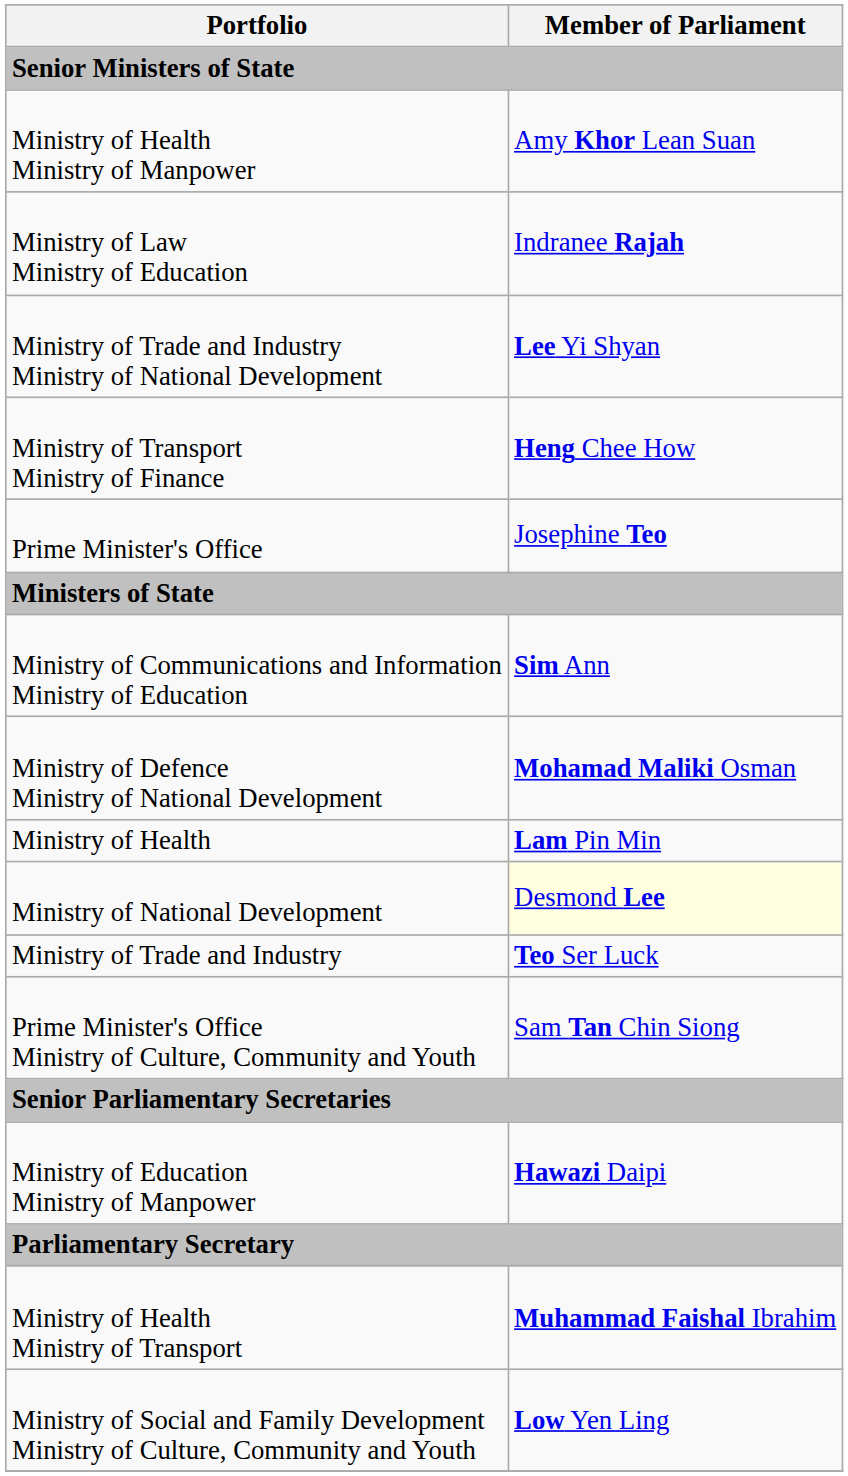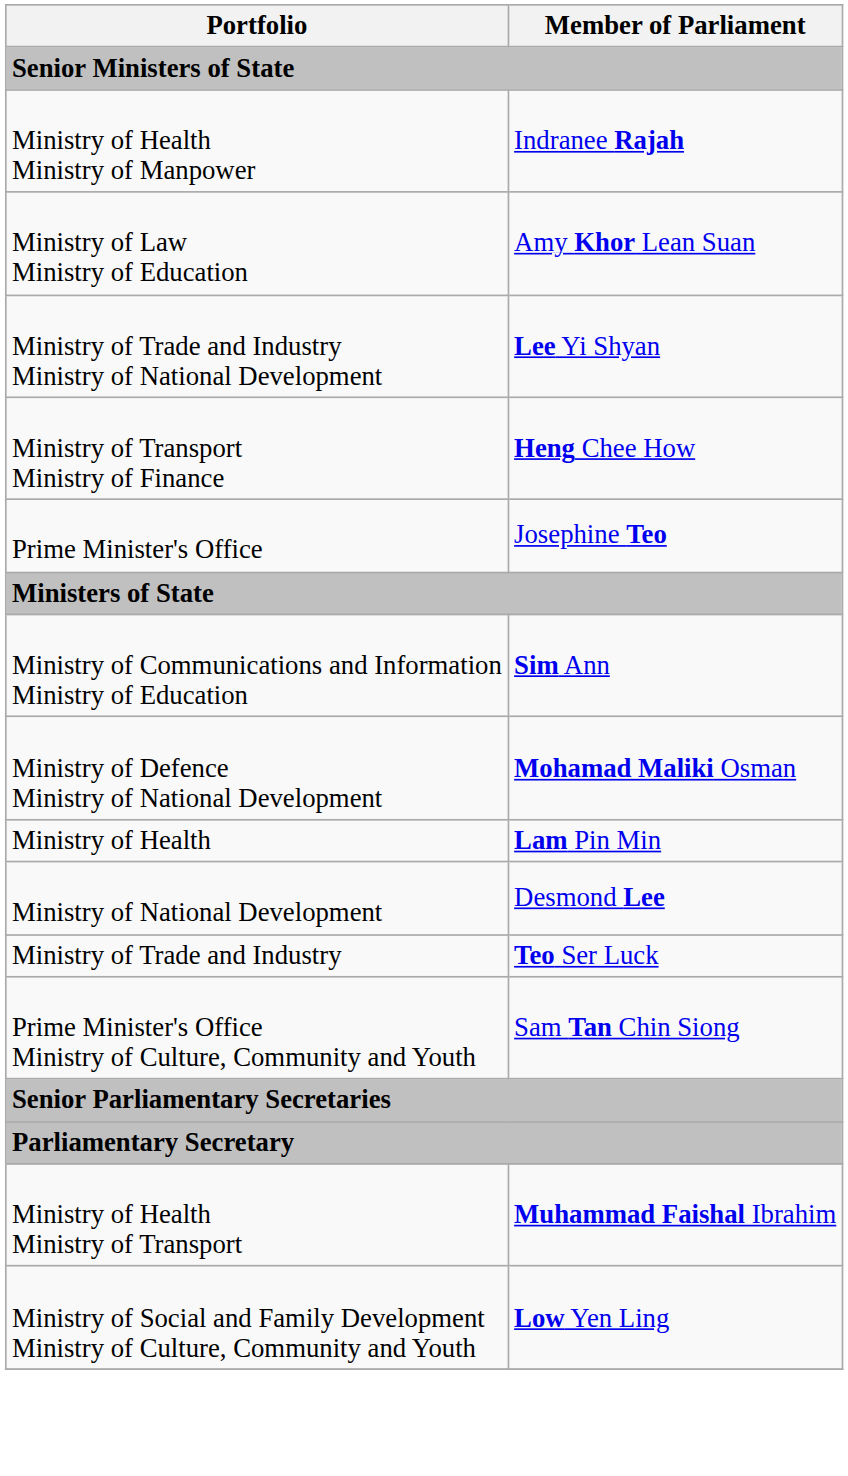 <table class="wikitable" style="margin: 1em auto 1em auto">
 <tr>
 <th>Portfolio</th>
 <th>Member of Parliament</th>
 </tr>
 <tr>
 <td colspan="2" style="background:silver;"><strong>Senior Ministers of State</strong></td>
 </tr>
 <tr>
 <td><br>Ministry of Health<br> Ministry of Manpower</td>
-<td><a href='#'>Amy <strong>Khor</strong> Lean Suan</a></td>
+<td><a href='#'>Indranee <strong>Rajah</strong></a></td>
 </tr>
 <tr>
 <td><br>Ministry of Law<br> Ministry of Education</td>
-<td><a href='#'>Indranee <strong>Rajah</strong></a></td>
+<td><a href='#'>Amy <strong>Khor</strong> Lean Suan</a></td>
 </tr>
 <tr>
 <td><br>Ministry of Trade and Industry<br> Ministry of National Development</td>
 <td><a href='#'><strong>Lee</strong> Yi Shyan</a></td>
 </tr>
 <tr>
 <td><br>Ministry of Transport<br> Ministry of Finance</td>
 <td><a href='#'><strong>Heng</strong> Chee How</a></td>
 </tr>
 <tr>
 <td><br>Prime Minister's Office</td>
 <td><a href='#'>Josephine <strong>Teo</strong></a></td>
 </tr>
 <tr>
 <td colspan="2" style="background:silver;"><strong>Ministers of State</strong></td>
 </tr>
 <tr>
 <td><br>Ministry of Communications and Information<br> Ministry of Education</td>
 <td><a href='#'><strong>Sim</strong> Ann</a></td>
 </tr>
 <tr>
 <td><br>Ministry of Defence<br> Ministry of National Development</td>
 <td><a href='#'><strong>Mohamad Maliki</strong> Osman</a></td>
 </tr>
 <tr>
 <td>Ministry of Health</td>
 <td><a href='#'><strong>Lam</strong> Pin Min</a></td>
 </tr>
 <tr>
 <td><br>Ministry of National Development</td>
-<td style="background: lightyellow;"><a href='#'>Desmond <strong>Lee</strong></a></td>
+<td><a href='#'>Desmond <strong>Lee</strong></a></td>
 </tr>
 <tr>
 <td>Ministry of Trade and Industry</td>
 <td><a href='#'><strong>Teo</strong> Ser Luck</a></td>
 </tr>
 <tr>
 <td><br>Prime Minister's Office<br> Ministry of Culture, Community and Youth</td>
 <td><a href='#'>Sam <strong>Tan</strong> Chin Siong</a></td>
 </tr>
 <tr>
 <td colspan="2" style="background:silver;"><strong>Senior Parliamentary Secretaries</strong></td>
-</tr>
-<tr>
-<td><br>Ministry of Education<br> Ministry of Manpower</td>
-<td><a href='#'><strong>Hawazi</strong> Daipi</a></td>
 </tr>
 <tr>
 <td colspan="2" style="background:silver;"><strong>Parliamentary Secretary</strong></td>
 </tr>
 <tr>
 <td><br>Ministry of Health<br> Ministry of Transport</td>
 <td><a href='#'><strong>Muhammad Faishal</strong> Ibrahim</a></td>
 </tr>
 <tr>
 <td><br>Ministry of Social and Family Development<br> Ministry of Culture, Community and Youth</td>
 <td><a href='#'><strong>Low</strong> Yen Ling</a></td>
 </tr>
 <tr>
 </tr>
 </table>
